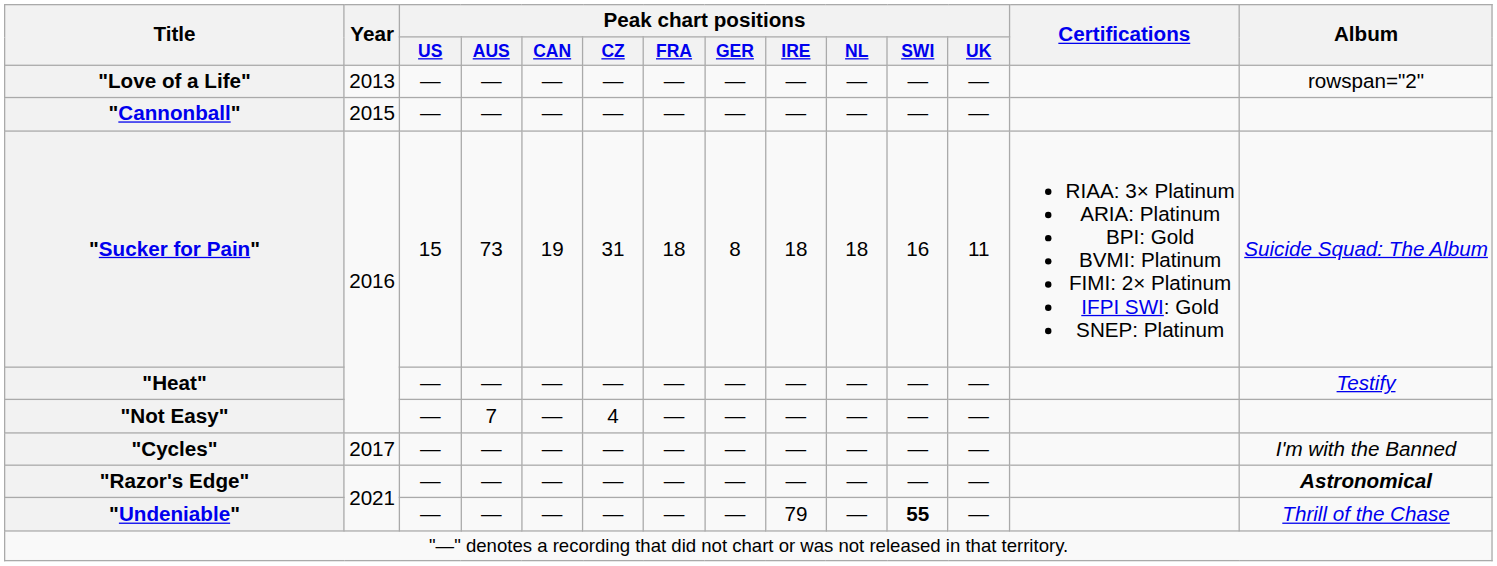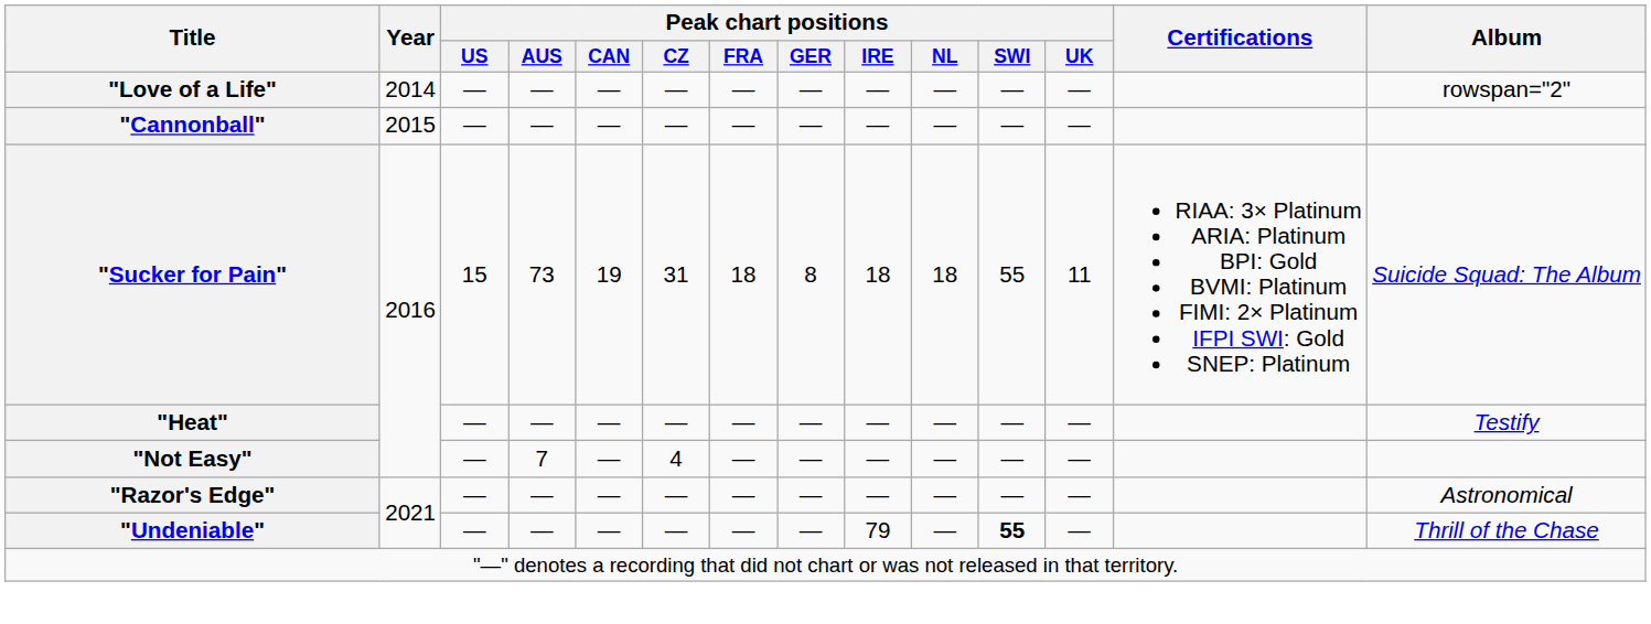 <table class="wikitable plainrowheaders" style="text-align:center;">
 <tr>
 <th scope="col" rowspan="2" style="width:16em;">Title</th>
 <th scope="col" rowspan="2">Year</th>
 <th scope="col" colspan="10">Peak chart positions</th>
 <th scope="col" rowspan="2"><a href='#'>Certifications</a></th>
 <th scope="col" rowspan="2">Album</th>
 </tr>
 <tr>
 <th scope="col" style="width:3em;font-size:85%;"><a href='#'>US</a><br></th>
 <th scope="col" style="width:3em;font-size:85%;"><a href='#'>AUS</a><br></th>
 <th scope="col" style="width:3em;font-size:85%;"><a href='#'>CAN</a><br></th>
 <th scope="col" style="width:3em;font-size:85%;"><a href='#'>CZ</a><br></th>
 <th scope="col" style="width:3em;font-size:85%;"><a href='#'>FRA</a><br></th>
 <th scope="col" style="width:3em;font-size:85%;"><a href='#'>GER</a><br></th>
 <th scope="col" style="width:3em;font-size:85%;"><a href='#'>IRE</a><br></th>
 <th scope="col" style="width:3em;font-size:85%;"><a href='#'>NL</a><br></th>
 <th scope="col" style="width:3em;font-size:85%;"><a href='#'>SWI</a><br></th>
 <th scope="col" style="width:3em;font-size:85%;"><a href='#'>UK</a><br></th>
 </tr>
 <tr>
 <th scope="row">"Love of a Life"<br></th>
-<td>2013</td>
+<td>2014</td>
 <td>—</td>
 <td>—</td>
 <td>—</td>
 <td>—</td>
 <td>—</td>
 <td>—</td>
 <td>—</td>
 <td>—</td>
 <td>—</td>
 <td>—</td>
 <td></td>
 <td>rowspan="2" </td>
 </tr>
 <tr>
 <th scope="row">"<a href='#'>Cannonball</a>"<br></th>
 <td>2015</td>
 <td>—</td>
 <td>—</td>
 <td>—</td>
 <td>—</td>
 <td>—</td>
 <td>—</td>
 <td>—</td>
 <td>—</td>
 <td>—</td>
 <td>—</td>
 <td></td>
 </tr>
 <tr>
 <th scope="row">"<a href='#'>Sucker for Pain</a>"<br></th>
 <td rowspan="3">2016</td>
 <td>15</td>
 <td>73</td>
 <td>19</td>
 <td>31</td>
 <td>18</td>
 <td>8</td>
 <td>18</td>
 <td>18</td>
-<td>16</td>
+<td>55</td>
 <td>11</td>
 <td><br><ul><li>RIAA: 3× Platinum</li><li>ARIA: Platinum</li><li>BPI: Gold</li><li>BVMI: Platinum</li><li>FIMI: 2× Platinum</li><li><a href='#'>IFPI SWI</a>: Gold</li><li>SNEP: Platinum</li></ul></td>
 <td><em><a href='#'>Suicide Squad: The Album</a></em></td>
 </tr>
 <tr>
 <th scope="row">"Heat"<br></th>
 <td>—</td>
 <td>—</td>
 <td>—</td>
 <td>—</td>
 <td>—</td>
 <td>—</td>
 <td>—</td>
 <td>—</td>
 <td>—</td>
 <td>—</td>
 <td></td>
 <td><em><a href='#'>Testify</a></em></td>
 </tr>
 <tr>
 <th scope="row">"Not Easy"<br></th>
 <td>—</td>
 <td>7</td>
 <td>—</td>
 <td>4</td>
 <td>—</td>
 <td>—</td>
 <td>—</td>
 <td>—</td>
 <td>—</td>
 <td>—</td>
 <td></td>
 <td></td>
 </tr>
 <tr>
-<th scope="row">"Cycles"<br></th>
-<td>2017</td>
-<td>—</td>
-<td>—</td>
-<td>—</td>
-<td>—</td>
-<td>—</td>
-<td>—</td>
-<td>—</td>
-<td>—</td>
-<td>—</td>
-<td>—</td>
-<td></td>
-<td><em>I'm with the Banned</em></td>
-</tr>
-<tr>
 <th scope="row">"Razor's Edge"<br></th>
 <td rowspan="2">2021</td>
 <td>—</td>
 <td>—</td>
 <td>—</td>
 <td>—</td>
 <td>—</td>
 <td>—</td>
 <td>—</td>
 <td>—</td>
 <td>—</td>
 <td>—</td>
 <td></td>
-<td><strong><em>Astronomical</em></strong></td>
+<td><em>Astronomical</em></td>
 </tr>
 <tr>
 <th scope="row">"<a href='#'>Undeniable</a>"<br></th>
 <td>—</td>
 <td>—</td>
 <td>—</td>
 <td>—</td>
 <td>—</td>
 <td>—</td>
 <td>79</td>
 <td>—</td>
 <td><strong>55</strong></td>
 <td>—</td>
 <td></td>
 <td><em><a href='#'>Thrill of the Chase</a></em></td>
 </tr>
 <tr>
 <td colspan="14" style="font-size:90%">"—" denotes a recording that did not chart or was not released in that territory.</td>
 </tr>
 </table>
